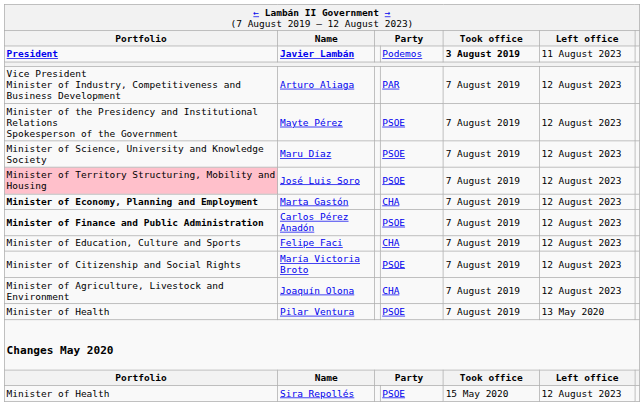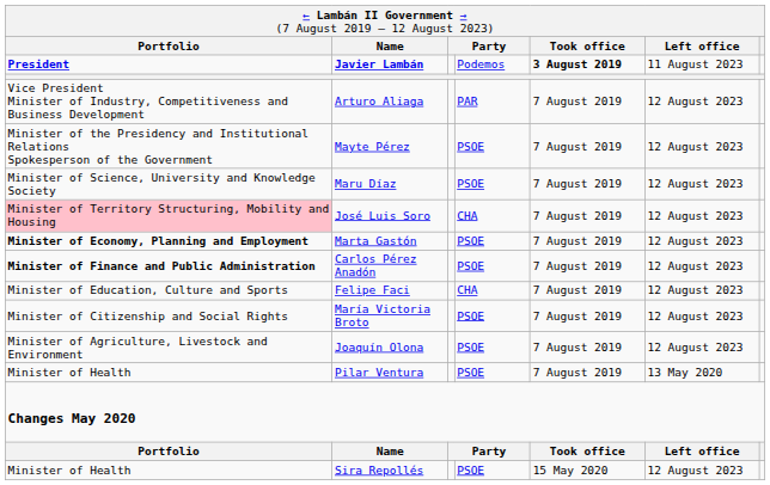 <table class="wikitable">
 <tr>
 <td colspan="7" bgcolor="#F2F2F2" align="center"><a href='#'>←</a> <strong>Lambán II Government</strong> <a href='#'>→</a><br>(7 August 2019 – 12 August 2023)</td>
 </tr>
 <tr>
 <th>Portfolio</th>
 <th>Name</th>
 <th width="100px" colspan="2">Party</th>
 <th width="125px">Took office</th>
 <th width="125px">Left office</th>
 <th></th>
 </tr>
 <tr>
 <td><strong><a href='#'>President</a></strong></td>
 <td><strong><a href='#'>Javier Lambán</a></strong></td>
 <td width="1" style="background-color:"></td>
 <td><a href='#'>Podemos</a></td>
 <td><strong>3 August 2019</strong></td>
 <td>11 August 2023</td>
 <td align="center"></td>
 </tr>
 <tr>
 <th colspan="7"></th>
 </tr>
 <tr>
 <td>Vice President<br>Minister of Industry, Competitiveness and Business Development</td>
 <td><a href='#'>Arturo Aliaga</a></td>
 <td style="background-color:"></td>
 <td><a href='#'>PAR</a></td>
 <td>7 August 2019</td>
 <td>12 August 2023</td>
 <td align="center"><br></td>
 </tr>
 <tr>
 <td>Minister of the Presidency and Institutional Relations<br>Spokesperson of the Government</td>
 <td><a href='#'>Mayte Pérez</a></td>
 <td style="background-color:"></td>
 <td><a href='#'>PSOE</a></td>
 <td>7 August 2019</td>
 <td>12 August 2023</td>
 <td align="center"><br></td>
 </tr>
 <tr>
 <td>Minister of Science, University and Knowledge Society</td>
 <td><a href='#'>Maru Díaz</a></td>
 <td style="background-color:"></td>
 <td><a href='#'>PSOE</a></td>
 <td>7 August 2019</td>
 <td>12 August 2023</td>
 <td align="center"></td>
 </tr>
 <tr>
 <td style="background: pink;">Minister of Territory Structuring, Mobility and Housing</td>
 <td><a href='#'>José Luis Soro</a></td>
 <td style="background-color:"></td>
-<td><a href='#'>PSOE</a></td>
+<td><a href='#'>CHA</a></td>
 <td>7 August 2019</td>
 <td>12 August 2023</td>
 <td align="center"></td>
 </tr>
 <tr>
 <td><strong>Minister of Economy, Planning and Employment</strong></td>
 <td><a href='#'>Marta Gastón</a></td>
 <td style="background-color:"></td>
-<td><a href='#'>CHA</a></td>
+<td><a href='#'>PSOE</a></td>
 <td>7 August 2019</td>
 <td>12 August 2023</td>
 <td align="center"></td>
 </tr>
 <tr>
 <td><strong>Minister of Finance and Public Administration</strong></td>
 <td><a href='#'>Carlos Pérez Anadón</a></td>
 <td style="background-color:"></td>
 <td><a href='#'>PSOE</a></td>
 <td>7 August 2019</td>
 <td>12 August 2023</td>
 <td align="center"></td>
 </tr>
 <tr>
 <td>Minister of Education, Culture and Sports</td>
 <td><a href='#'>Felipe Faci</a></td>
 <td style="background-color:"></td>
 <td><a href='#'>CHA</a></td>
 <td>7 August 2019</td>
 <td>12 August 2023</td>
 <td align="center"></td>
 </tr>
 <tr>
 <td>Minister of Citizenship and Social Rights</td>
 <td><a href='#'>María Victoria Broto</a></td>
 <td style="background-color:"></td>
 <td><a href='#'>PSOE</a></td>
 <td>7 August 2019</td>
 <td>12 August 2023</td>
 <td align="center"></td>
 </tr>
 <tr>
 <td>Minister of Agriculture, Livestock and Environment</td>
 <td><a href='#'>Joaquín Olona</a></td>
 <td style="background-color:"></td>
-<td><a href='#'>CHA</a></td>
+<td><a href='#'>PSOE</a></td>
 <td>7 August 2019</td>
 <td>12 August 2023</td>
 <td align="center"></td>
 </tr>
 <tr>
 <td>Minister of Health</td>
 <td><a href='#'>Pilar Ventura</a></td>
 <td style="background-color:"></td>
 <td><a href='#'>PSOE</a></td>
 <td>7 August 2019</td>
 <td>13 May 2020</td>
 <td align="center"></td>
 </tr>
 <tr>
 <td colspan="7"><br><h3>Changes May 2020</h3></td>
 </tr>
 <tr>
 <th>Portfolio</th>
 <th>Name</th>
 <th colspan="2">Party</th>
 <th>Took office</th>
 <th>Left office</th>
 <th></th>
 </tr>
 <tr>
 <td>Minister of Health</td>
 <td><a href='#'>Sira Repollés</a></td>
 <td style="background-color:"></td>
 <td><a href='#'>PSOE</a></td>
 <td>15 May 2020</td>
 <td>12 August 2023</td>
 <td align="center"></td>
 </tr>
 </table>
